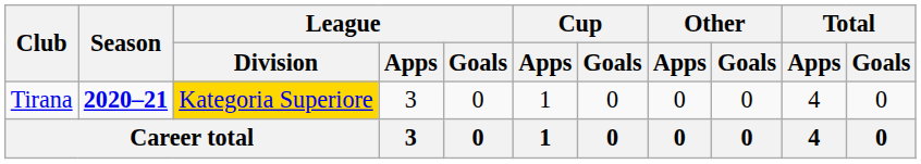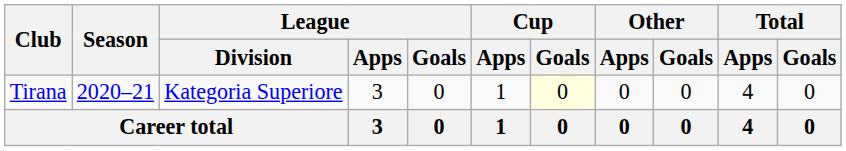 <table class="wikitable" style="text-align: center">
 <tr>
 <th rowspan="2">Club</th>
 <th rowspan="2">Season</th>
 <th colspan="3">League</th>
 <th colspan="2">Cup</th>
 <th colspan="2">Other</th>
 <th colspan="2">Total</th>
 </tr>
 <tr>
 <th>Division</th>
 <th>Apps</th>
 <th>Goals</th>
 <th>Apps</th>
 <th>Goals</th>
 <th>Apps</th>
 <th>Goals</th>
 <th>Apps</th>
 <th>Goals</th>
 </tr>
 <tr>
 <td rowspan="1"><a href='#'>Tirana</a></td>
-<td><strong><a href='#'>2020–21</a></strong></td>
-<td style="background: gold;"><a href='#'>Kategoria Superiore</a></td>
+<td><a href='#'>2020–21</a></td>
+<td><a href='#'>Kategoria Superiore</a></td>
 <td>3</td>
 <td>0</td>
 <td>1</td>
-<td>0</td>
+<td style="background: lightyellow;">0</td>
 <td>0</td>
 <td>0</td>
 <td>4</td>
 <td>0</td>
 </tr>
 <tr>
 <th colspan="3">Career total</th>
 <th>3</th>
 <th>0</th>
 <th>1</th>
 <th>0</th>
 <th>0</th>
 <th>0</th>
 <th>4</th>
 <th>0</th>
 </tr>
 </table>
